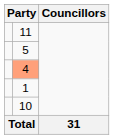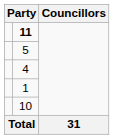 <table class="wikitable">
 <tr>
 <th colspan=2>Party</th>
 <th>Councillors</th>
 </tr>
 <tr>
 <td></td>
-<td align=center>11</td>
+<td align=center><strong>11</strong></td>
 </tr>
 <tr>
 <td></td>
 <td align=center>5</td>
 </tr>
 <tr>
 <td></td>
-<td align=center style="background: lightsalmon;">4</td>
+<td align=center>4</td>
 </tr>
 <tr>
 <td></td>
 <td align=center>1</td>
 </tr>
 <tr>
 <td></td>
 <td align=center>10</td>
 </tr>
 <tr>
 <th colspan=2>Total</th>
 <th align=center>31</th>
 </tr>
 </table>
